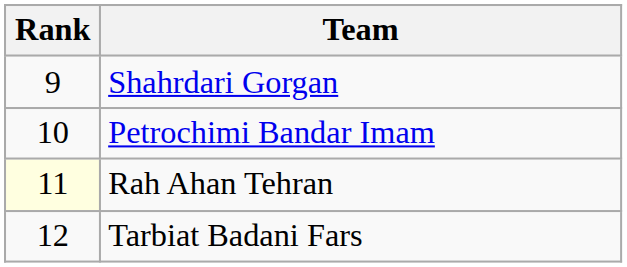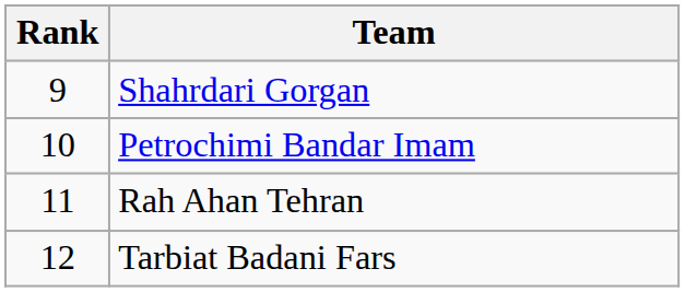 <table class="wikitable" style="text-align: center;">
 <tr>
 <th width=40>Rank</th>
 <th width=250>Team</th>
 </tr>
 <tr>
 <td>9</td>
 <td align="left"><a href='#'>Shahrdari Gorgan</a></td>
 </tr>
 <tr>
 <td>10</td>
 <td align="left"><a href='#'>Petrochimi Bandar Imam</a></td>
 </tr>
 <tr>
-<td style="background: lightyellow;">11</td>
+<td>11</td>
 <td align="left">Rah Ahan Tehran</td>
 </tr>
 <tr>
 <td>12</td>
 <td align="left">Tarbiat Badani Fars</td>
 </tr>
 </table>
